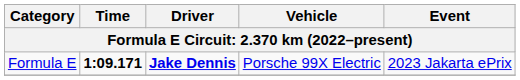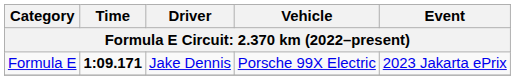 <table class="wikitable">
 <tr>
 <th>Category</th>
 <th>Time</th>
 <th>Driver</th>
 <th>Vehicle</th>
 <th>Event</th>
 </tr>
 <tr>
 <th colspan=5>Formula E Circuit: 2.370 km (2022–present)</th>
 </tr>
 <tr>
 <td><a href='#'>Formula E</a></td>
 <td><strong>1:09.171</strong></td>
-<td><strong><a href='#'>Jake Dennis</a></strong></td>
+<td><a href='#'>Jake Dennis</a></td>
 <td><a href='#'>Porsche 99X Electric</a></td>
 <td><a href='#'>2023 Jakarta ePrix</a></td>
 </tr>
 <tr>
 </tr>
 </table>
